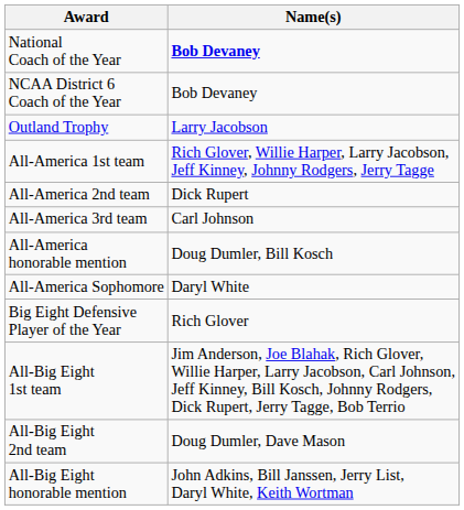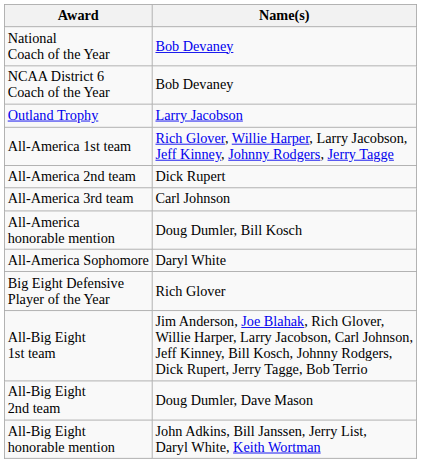 <table class="wikitable">
 <tr>
 <th>Award</th>
 <th>Name(s)</th>
 </tr>
 <tr>
 <td>National<br>Coach of the Year</td>
-<td><strong><a href='#'>Bob Devaney</a></strong></td>
+<td><a href='#'>Bob Devaney</a></td>
 </tr>
 <tr>
 <td>NCAA District 6<br>Coach of the Year</td>
 <td>Bob Devaney</td>
 </tr>
 <tr>
 <td><a href='#'>Outland Trophy</a></td>
 <td><a href='#'>Larry Jacobson</a></td>
 </tr>
 <tr>
 <td>All-America 1st team</td>
 <td><a href='#'>Rich Glover</a>, <a href='#'>Willie Harper</a>, Larry Jacobson,<br><a href='#'>Jeff Kinney</a>, <a href='#'>Johnny Rodgers</a>, <a href='#'>Jerry Tagge</a></td>
 </tr>
 <tr>
 <td>All-America 2nd team</td>
 <td>Dick Rupert</td>
 </tr>
 <tr>
 <td>All-America 3rd team</td>
 <td>Carl Johnson</td>
 </tr>
 <tr>
 <td>All-America<br>honorable mention</td>
 <td>Doug Dumler, Bill Kosch</td>
 </tr>
 <tr>
 <td>All-America Sophomore</td>
 <td>Daryl White</td>
 </tr>
 <tr>
 <td>Big Eight Defensive<br>Player of the Year</td>
 <td>Rich Glover</td>
 </tr>
 <tr>
 <td>All-Big Eight<br>1st team</td>
 <td>Jim Anderson, <a href='#'>Joe Blahak</a>, Rich Glover,<br>Willie Harper, Larry Jacobson, Carl Johnson,<br>Jeff Kinney, Bill Kosch, Johnny Rodgers,<br>Dick Rupert, Jerry Tagge, Bob Terrio</td>
 </tr>
 <tr>
 <td>All-Big Eight<br>2nd team</td>
 <td>Doug Dumler, Dave Mason</td>
 </tr>
 <tr>
 <td>All-Big Eight<br>honorable mention</td>
 <td>John Adkins, Bill Janssen, Jerry List,<br>Daryl White, <a href='#'>Keith Wortman</a></td>
 </tr>
 </table>
